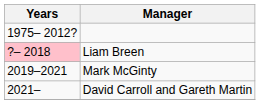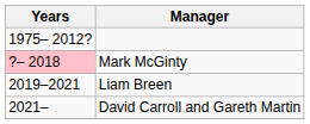 <table class="wikitable">
 <tr>
 <th>Years</th>
 <th>Manager</th>
 </tr>
 <tr>
 <td>1975– 2012?</td>
 <td></td>
 </tr>
 <tr>
 <td style="background: pink;">?– 2018</td>
-<td>Liam Breen</td>
+<td>Mark McGinty</td>
 </tr>
 <tr>
 <td>2019–2021</td>
-<td>Mark McGinty</td>
+<td>Liam Breen</td>
 </tr>
 <tr>
 <td>2021–</td>
 <td>David Carroll and Gareth Martin</td>
 </tr>
 <tr>
 </tr>
 </table>
